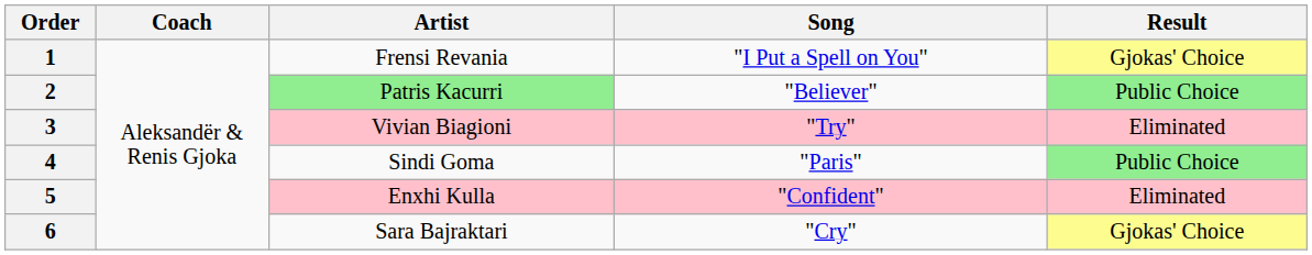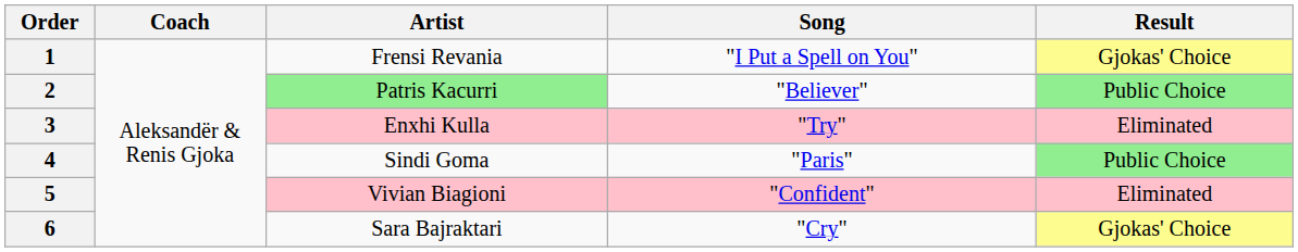 <table class="wikitable" style="text-align:center; width:75%;">
 <tr>
 <th width="05%">Order</th>
 <th width="10%">Coach</th>
 <th width="20%">Artist</th>
 <th width="25%">Song</th>
 <th width="15%">Result</th>
 </tr>
 <tr>
 <th>1</th>
 <td rowspan="6">Aleksandër & Renis Gjoka</td>
 <td>Frensi Revania</td>
 <td>"<a href='#'>I Put a Spell on You</a>"</td>
 <td style="background-color:#fdfc8f;">Gjokas' Choice</td>
 </tr>
 <tr>
 <th>2</th>
 <td style="background: lightgreen;">Patris Kacurri</td>
 <td>"<a href='#'>Believer</a>"</td>
 <td style="background-color:lightgreen;">Public Choice</td>
 </tr>
 <tr>
 <th>3</th>
-<td style="background-color:pink;">Vivian Biagioni</td>
+<td style="background-color:pink;">Enxhi Kulla</td>
 <td style="background-color:pink;">"<a href='#'>Try</a>"</td>
 <td style="background-color:pink;">Eliminated</td>
 </tr>
 <tr>
 <th>4</th>
 <td>Sindi Goma</td>
 <td>"<a href='#'>Paris</a>"</td>
 <td style="background-color:lightgreen;">Public Choice</td>
 </tr>
 <tr>
 <th>5</th>
-<td style="background-color:pink;">Enxhi Kulla</td>
+<td style="background-color:pink;">Vivian Biagioni</td>
 <td style="background-color:pink;">"<a href='#'>Confident</a>"</td>
 <td style="background-color:pink;">Eliminated</td>
 </tr>
 <tr>
 <th>6</th>
 <td>Sara Bajraktari</td>
 <td>"<a href='#'>Cry</a>"</td>
 <td style="background-color:#fdfc8f;">Gjokas' Choice</td>
 </tr>
 </table>
